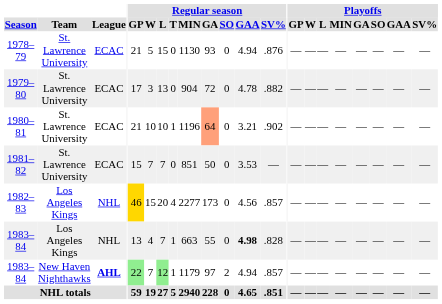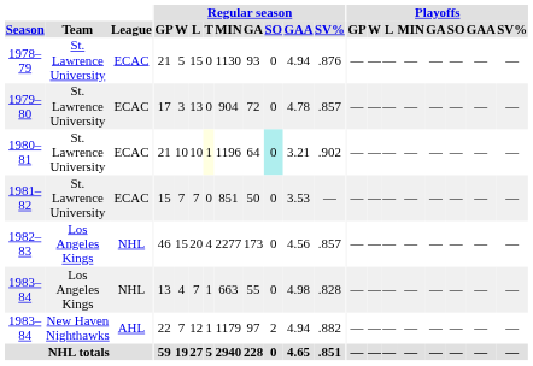 <table border="0" cellpadding="1" cellspacing="0" style="width:90%; text-align:center;">
 <tr bgcolor="#e0e0e0">
 <th colspan="3" bgcolor="#ffffff"></th>
 <th rowspan="99" bgcolor="#ffffff"></th>
 <th colspan="9" bgcolor="#e0e0e0"><a href='#'>Regular season</a></th>
 <th rowspan="99" bgcolor="#ffffff"></th>
 <th colspan="8" bgcolor="#e0e0e0"><a href='#'>Playoffs</a></th>
 </tr>
 <tr bgcolor="#e0e0e0">
 <th><a href='#'>Season</a></th>
 <th>Team</th>
 <th>League</th>
 <th>GP</th>
 <th>W</th>
 <th>L</th>
 <th>T</th>
 <th>MIN</th>
 <th>GA</th>
 <th><a href='#'>SO</a></th>
 <th><a href='#'>GAA</a></th>
 <th><a href='#'>SV%</a></th>
 <th>GP</th>
 <th>W</th>
 <th>L</th>
 <th>MIN</th>
 <th>GA</th>
 <th>SO</th>
 <th>GAA</th>
 <th>SV%</th>
 </tr>
 <tr>
 <td><a href='#'>1978–79</a></td>
 <td><a href='#'>St. Lawrence University</a></td>
 <td><a href='#'>ECAC</a></td>
 <td>21</td>
 <td>5</td>
 <td>15</td>
 <td>0</td>
 <td>1130</td>
 <td>93</td>
 <td>0</td>
 <td>4.94</td>
 <td>.876</td>
 <td>—</td>
 <td>—</td>
 <td>—</td>
 <td>—</td>
 <td>—</td>
 <td>—</td>
 <td>—</td>
 <td>—</td>
 </tr>
 <tr bgcolor="#f0f0f0">
 <td><a href='#'>1979–80</a></td>
 <td>St. Lawrence University</td>
 <td>ECAC</td>
 <td>17</td>
 <td>3</td>
 <td>13</td>
 <td>0</td>
 <td>904</td>
 <td>72</td>
 <td>0</td>
 <td>4.78</td>
-<td>.882</td>
+<td>.857</td>
 <td>—</td>
 <td>—</td>
 <td>—</td>
 <td>—</td>
 <td>—</td>
 <td>—</td>
 <td>—</td>
 <td>—</td>
 </tr>
 <tr>
 <td><a href='#'>1980–81</a></td>
 <td>St. Lawrence University</td>
 <td>ECAC</td>
 <td>21</td>
 <td>10</td>
 <td>10</td>
-<td>1</td>
+<td style="background: lightyellow;">1</td>
 <td>1196</td>
-<td style="background: lightsalmon;">64</td>
-<td>0</td>
+<td>64</td>
+<td style="background: paleturquoise;">0</td>
 <td>3.21</td>
 <td>.902</td>
 <td>—</td>
 <td>—</td>
 <td>—</td>
 <td>—</td>
 <td>—</td>
 <td>—</td>
 <td>—</td>
 <td>—</td>
 </tr>
 <tr bgcolor="#f0f0f0">
 <td><a href='#'>1981–82</a></td>
 <td>St. Lawrence University</td>
 <td>ECAC</td>
 <td>15</td>
 <td>7</td>
 <td>7</td>
 <td>0</td>
 <td>851</td>
 <td>50</td>
 <td>0</td>
 <td>3.53</td>
 <td>—</td>
 <td>—</td>
 <td>—</td>
 <td>—</td>
 <td>—</td>
 <td>—</td>
 <td>—</td>
 <td>—</td>
 <td>—</td>
 </tr>
 <tr>
 <td><a href='#'>1982–83</a></td>
 <td><a href='#'>Los Angeles Kings</a></td>
 <td><a href='#'>NHL</a></td>
-<td style="background: gold;">46</td>
+<td>46</td>
 <td>15</td>
 <td>20</td>
 <td>4</td>
 <td>2277</td>
 <td>173</td>
 <td>0</td>
 <td>4.56</td>
 <td>.857</td>
 <td>—</td>
 <td>—</td>
 <td>—</td>
 <td>—</td>
 <td>—</td>
 <td>—</td>
 <td>—</td>
 <td>—</td>
 </tr>
 <tr bgcolor="#f0f0f0">
 <td><a href='#'>1983–84</a></td>
 <td>Los Angeles Kings</td>
 <td>NHL</td>
 <td>13</td>
 <td>4</td>
 <td>7</td>
 <td>1</td>
 <td>663</td>
 <td>55</td>
 <td>0</td>
-<td><strong>4.98</strong></td>
+<td>4.98</td>
 <td>.828</td>
 <td>—</td>
 <td>—</td>
 <td>—</td>
 <td>—</td>
 <td>—</td>
 <td>—</td>
 <td>—</td>
 <td>—</td>
 </tr>
 <tr>
 <td><a href='#'>1983–84</a></td>
 <td><a href='#'>New Haven Nighthawks</a></td>
-<td><strong><a href='#'>AHL</a></strong></td>
-<td style="background: lightgreen;">22</td>
+<td><a href='#'>AHL</a></td>
+<td>22</td>
 <td>7</td>
-<td style="background: lightgreen;">12</td>
+<td>12</td>
 <td>1</td>
 <td>1179</td>
 <td>97</td>
 <td>2</td>
 <td>4.94</td>
-<td>.857</td>
+<td>.882</td>
 <td>—</td>
 <td>—</td>
 <td>—</td>
 <td>—</td>
 <td>—</td>
 <td>—</td>
 <td>—</td>
 <td>—</td>
 </tr>
 <tr bgcolor="#e0e0e0">
 <th colspan=3>NHL totals</th>
 <th>59</th>
 <th>19</th>
 <th>27</th>
 <th>5</th>
 <th>2940</th>
 <th>228</th>
 <th>0</th>
 <th>4.65</th>
 <th>.851</th>
 <th>—</th>
 <th>—</th>
 <th>—</th>
 <th>—</th>
 <th>—</th>
 <th>—</th>
 <th>—</th>
 <th>—</th>
 </tr>
 </table>
